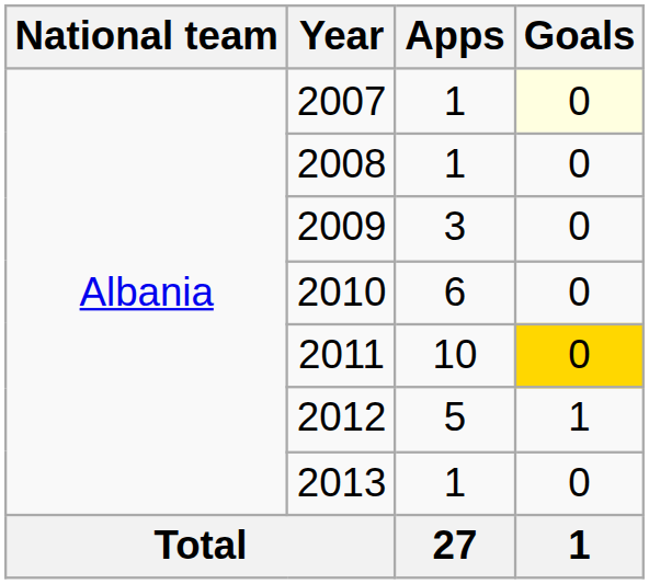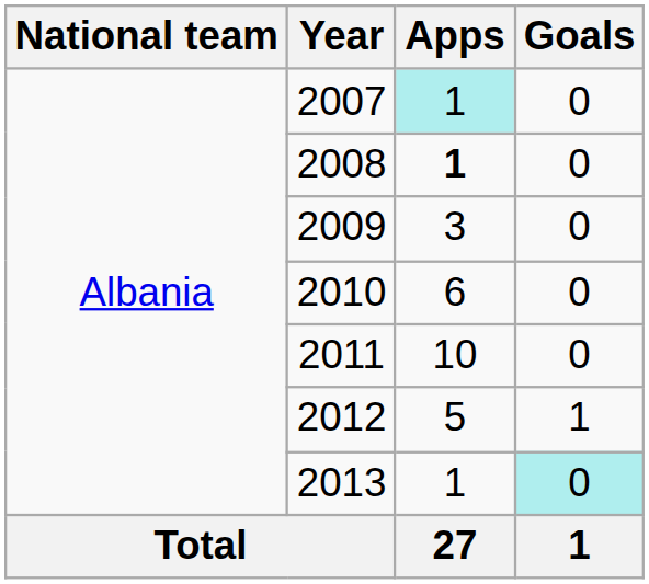 <table class=wikitable style="text-align: center;">
 <tr>
 <th>National team</th>
 <th>Year</th>
 <th>Apps</th>
 <th>Goals</th>
 </tr>
 <tr>
 <td rowspan=7><a href='#'>Albania</a></td>
 <td>2007</td>
-<td>1</td>
-<td style="background: lightyellow;">0</td>
+<td style="background: paleturquoise;">1</td>
+<td>0</td>
 </tr>
 <tr>
 <td>2008</td>
-<td>1</td>
+<td><strong>1</strong></td>
 <td>0</td>
 </tr>
 <tr>
 <td>2009</td>
 <td>3</td>
 <td>0</td>
 </tr>
 <tr>
 <td>2010</td>
 <td>6</td>
 <td>0</td>
 </tr>
 <tr>
 <td>2011</td>
 <td>10</td>
-<td style="background: gold;">0</td>
+<td>0</td>
 </tr>
 <tr>
 <td>2012</td>
 <td>5</td>
 <td>1</td>
 </tr>
 <tr>
 <td>2013</td>
 <td>1</td>
-<td>0</td>
+<td style="background: paleturquoise;">0</td>
 </tr>
 <tr>
 <th colspan=2>Total</th>
 <th>27</th>
 <th>1</th>
 </tr>
 </table>
